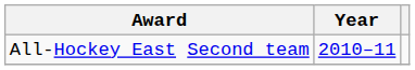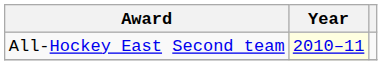 <table class="wikitable">
 <tr>
 <th>Award</th>
 <th>Year</th>
 <th></th>
 </tr>
 <tr>
 <td>All-<a href='#'>Hockey East</a> <a href='#'>Second team</a></td>
-<td><a href='#'>2010–11</a></td>
+<td style="background: lightyellow;"><a href='#'>2010–11</a></td>
 <td></td>
 </tr>
 <tr>
 </tr>
 </table>
